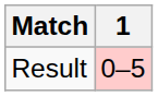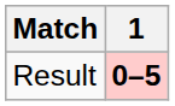 <table class="wikitable">
 <tr>
 <th>Match</th>
 <th>1</th>
 </tr>
 <tr>
 <td>Result</td>
-<td bgcolor="#FFCCCC">0–5</td>
+<td bgcolor="#FFCCCC"><strong>0–5</strong></td>
 </tr>
 </table>
